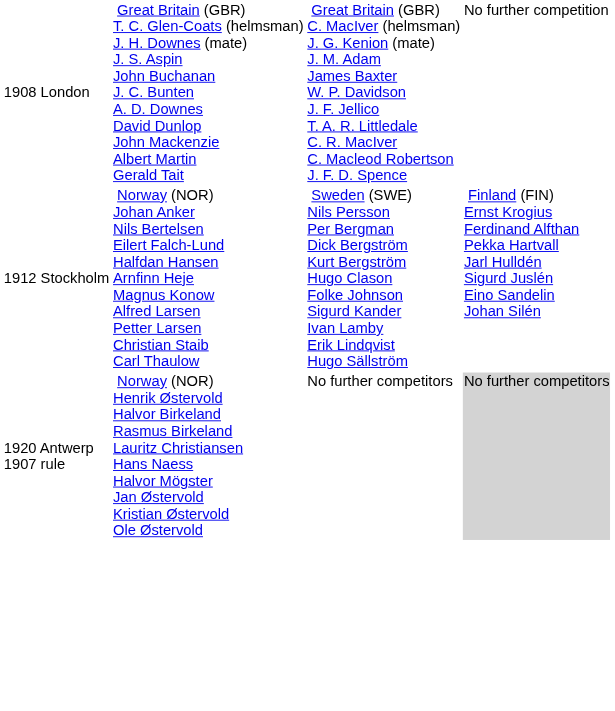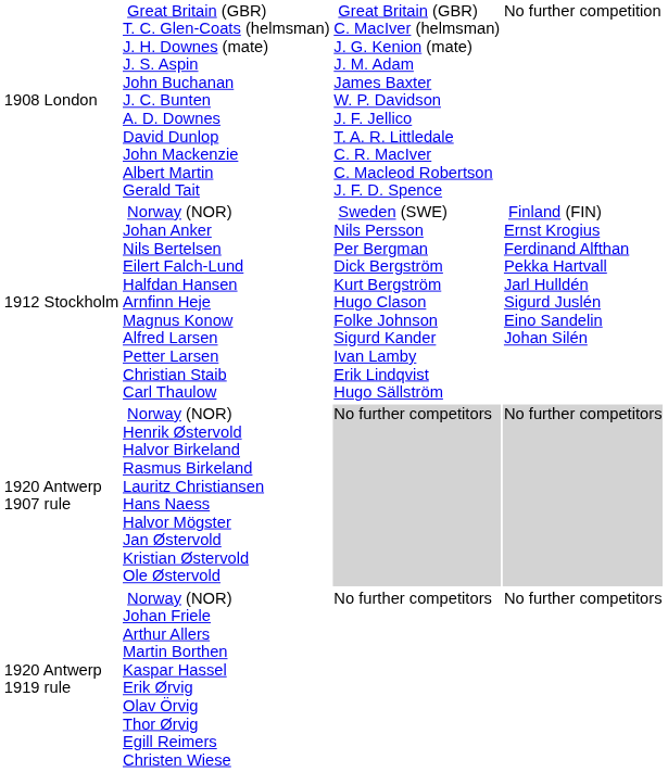 <table>
 <tr>
 <td style="align:center;">1908 London<br></td>
 <td style="vertical-align:top;"> <a href='#'>Great Britain</a> <span>(GBR)</span><br><a href='#'>T. C. Glen-Coats</a> (helmsman)<br><a href='#'>J. H. Downes</a> (mate)<br><a href='#'>J. S. Aspin</a><br><a href='#'>John Buchanan</a><br><a href='#'>J. C. Bunten</a><br><a href='#'>A. D. Downes</a><br><a href='#'>David Dunlop</a><br><a href='#'>John Mackenzie</a><br><a href='#'>Albert Martin</a><br><a href='#'>Gerald Tait</a></td>
 <td style="vertical-align:top;"> <a href='#'>Great Britain</a> <span>(GBR)</span><br><a href='#'>C. MacIver</a> (helmsman)<br><a href='#'>J. G. Kenion</a> (mate)<br><a href='#'>J. M. Adam</a><br><a href='#'>James Baxter</a><br><a href='#'>W. P. Davidson</a><br><a href='#'>J. F. Jellico</a><br><a href='#'>T. A. R. Littledale</a><br><a href='#'>C. R. MacIver</a><br><a href='#'>C. Macleod Robertson</a><br><a href='#'>J. F. D. Spence</a></td>
 <td style="vertical-align:top;">No further competition</td>
 </tr>
 <tr>
 <td style="align:center;">1912 Stockholm <br></td>
 <td style="vertical-align:top;"> <a href='#'>Norway</a> <span>(NOR)</span><br><a href='#'>Johan Anker</a><br><a href='#'>Nils Bertelsen</a><br><a href='#'>Eilert Falch-Lund</a><br><a href='#'>Halfdan Hansen</a><br><a href='#'>Arnfinn Heje</a><br><a href='#'>Magnus Konow</a><br><a href='#'>Alfred Larsen</a><br><a href='#'>Petter Larsen</a><br><a href='#'>Christian Staib</a><br><a href='#'>Carl Thaulow</a></td>
 <td style="vertical-align:top;"> <a href='#'>Sweden</a> <span>(SWE)</span><br><a href='#'>Nils Persson</a><br><a href='#'>Per Bergman</a><br><a href='#'>Dick Bergström</a><br><a href='#'>Kurt Bergström</a><br><a href='#'>Hugo Clason</a><br><a href='#'>Folke Johnson</a><br><a href='#'>Sigurd Kander</a><br><a href='#'>Ivan Lamby</a><br><a href='#'>Erik Lindqvist</a><br><a href='#'>Hugo Sällström</a></td>
 <td style="vertical-align:top;"> <a href='#'>Finland</a> <span>(FIN)</span><br><a href='#'>Ernst Krogius</a><br><a href='#'>Ferdinand Alfthan</a><br><a href='#'>Pekka Hartvall</a><br><a href='#'>Jarl Hulldén</a><br><a href='#'>Sigurd Juslén</a><br><a href='#'>Eino Sandelin</a><br><a href='#'>Johan Silén</a></td>
 </tr>
 <tr>
 <td style="align:center;">1920 Antwerp <br>1907 rule<br></td>
 <td style="vertical-align:top;"> <a href='#'>Norway</a> <span>(NOR)</span><br><a href='#'>Henrik Østervold</a><br><a href='#'>Halvor Birkeland</a><br><a href='#'>Rasmus Birkeland</a><br><a href='#'>Lauritz Christiansen</a><br><a href='#'>Hans Naess</a><br><a href='#'>Halvor Mögster</a><br><a href='#'>Jan Østervold</a><br><a href='#'>Kristian Østervold</a><br><a href='#'>Ole Østervold</a></td>
-<td style="vertical-align:top;">No further competitors</td>
+<td style="background: lightgrey; vertical-align:top;">No further competitors</td>
 <td style="background: lightgrey; vertical-align:top;">No further competitors</td>
 </tr>
+<tr>
+<td style="align:center;">1920 Antwerp <br>1919 rule<br></td>
+<td style="vertical-align:top;"> <a href='#'>Norway</a> <span>(NOR)</span><br><a href='#'>Johan Friele</a><br><a href='#'>Arthur Allers</a><br><a href='#'>Martin Borthen</a><br><a href='#'>Kaspar Hassel</a><br><a href='#'>Erik Ørvig</a><br><a href='#'>Olav Örvig</a><br><a href='#'>Thor Ørvig</a><br><a href='#'>Egill Reimers</a><br><a href='#'>Christen Wiese</a></td>
+<td style="vertical-align:top;">No further competitors</td>
+<td style="vertical-align:top;">No further competitors</td>
+</tr>
 </table>
